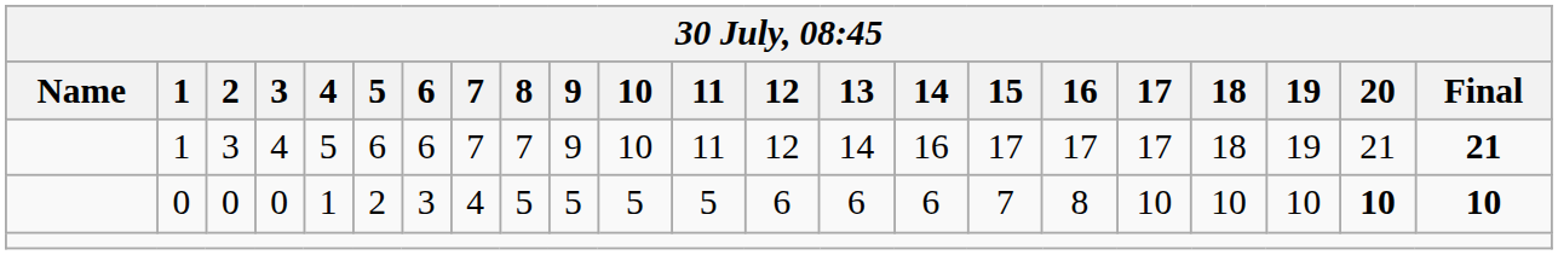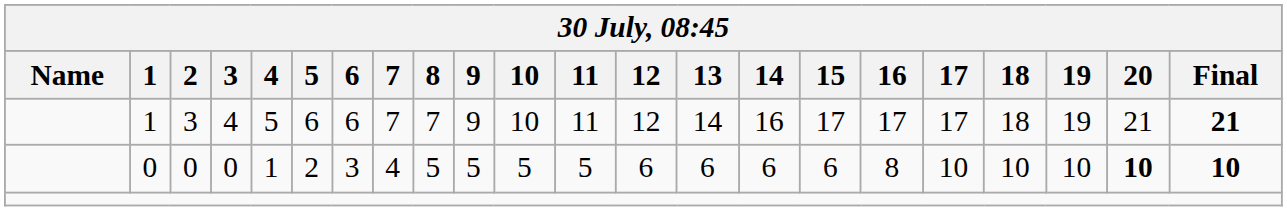 <table class=wikitable style="text-align:center; width: 55%">
 <tr>
 <th colspan=22><em>30 July, 08:45</em></th>
 </tr>
 <tr>
 <th>Name</th>
 <th>1</th>
 <th>2</th>
 <th>3</th>
 <th>4</th>
 <th>5</th>
 <th>6</th>
 <th>7</th>
 <th>8</th>
 <th>9</th>
 <th>10</th>
 <th>11</th>
 <th>12</th>
 <th>13</th>
 <th>14</th>
 <th>15</th>
 <th>16</th>
 <th>17</th>
 <th>18</th>
 <th>19</th>
 <th>20</th>
 <th>Final</th>
 </tr>
 <tr>
 <td align=left><strong></strong></td>
 <td>1</td>
 <td>3</td>
 <td>4</td>
 <td>5</td>
 <td>6</td>
 <td>6</td>
 <td>7</td>
 <td>7</td>
 <td>9</td>
 <td>10</td>
 <td>11</td>
 <td>12</td>
 <td>14</td>
 <td>16</td>
 <td>17</td>
 <td>17</td>
 <td>17</td>
 <td>18</td>
 <td>19</td>
 <td>21</td>
 <td><strong>21</strong></td>
 </tr>
 <tr>
 <td align=left></td>
 <td>0</td>
 <td>0</td>
 <td>0</td>
 <td>1</td>
 <td>2</td>
 <td>3</td>
 <td>4</td>
 <td>5</td>
 <td>5</td>
 <td>5</td>
 <td>5</td>
 <td>6</td>
 <td>6</td>
 <td>6</td>
-<td>7</td>
+<td>6</td>
 <td>8</td>
 <td>10</td>
 <td>10</td>
 <td>10</td>
 <td><strong>10</strong></td>
 <td><strong>10</strong></td>
 </tr>
 <tr>
 <td colspan=22></td>
 </tr>
 </table>
